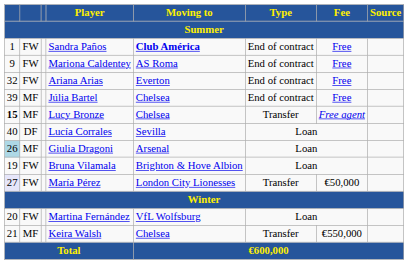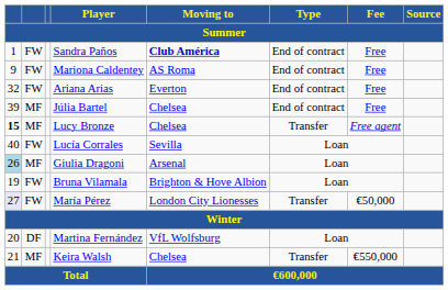 <table class="wikitable plainrowheaders sortable" style="text-align:center">
 <tr>
 <th style="background:#26559B; color:#FFF000; "></th>
 <th style="background:#26559B; color:#FFF000; "></th>
 <th style="background:#26559B; color:#FFF000; "></th>
 <th style="background:#26559B; color:#FFF000; ">Player</th>
 <th style="background:#26559B; color:#FFF000; ">Moving to</th>
 <th style="background:#26559B; color:#FFF000; ">Type</th>
 <th style="background:#26559B; color:#FFF000; ">Fee</th>
 <th style="background:#26559B; color:#FFF000; ">Source</th>
 </tr>
 <tr>
 <th colspan=8 style="background:#26559B; color:#FFF000; ">Summer</th>
 </tr>
 <tr>
 <td>1</td>
 <td>FW</td>
 <td></td>
 <td align=left><a href='#'>Sandra Paños</a></td>
 <td align="left"><strong> <a href='#'>Club América</a></strong></td>
 <td>End of contract</td>
 <td><a href='#'>Free</a></td>
 <td></td>
 </tr>
 <tr>
 <td>9</td>
 <td>FW</td>
 <td></td>
 <td align="left"><a href='#'>Mariona Caldentey</a></td>
 <td align="left"> <a href='#'>AS Roma</a></td>
 <td>End of contract</td>
 <td><a href='#'>Free</a></td>
 <td></td>
 </tr>
 <tr>
 <td>32</td>
 <td>FW</td>
 <td></td>
 <td align="left"><a href='#'>Ariana Arias</a></td>
 <td align="left"> <a href='#'>Everton</a></td>
 <td>End of contract</td>
 <td><a href='#'>Free</a></td>
 <td></td>
 </tr>
 <tr>
 <td>39</td>
 <td>MF</td>
 <td></td>
 <td align="left"><a href='#'>Júlia Bartel</a></td>
 <td align="left"> <a href='#'>Chelsea</a></td>
 <td>End of contract</td>
 <td><a href='#'>Free</a></td>
 <td></td>
 </tr>
 <tr>
 <td><strong>15</strong></td>
 <td>MF</td>
 <td></td>
 <td align="left"><a href='#'>Lucy Bronze</a></td>
 <td align="left"> <a href='#'>Chelsea</a></td>
 <td>Transfer</td>
 <td><em><a href='#'>Free agent</a></em></td>
 <td></td>
 </tr>
 <tr>
 <td>40</td>
-<td>DF</td>
+<td>FW</td>
 <td></td>
 <td align="left"><a href='#'>Lucía Corrales</a></td>
 <td align="left"><a href='#'>Sevilla</a></td>
 <td colspan="2">Loan</td>
 <td></td>
 </tr>
 <tr>
 <td style="background: lightblue;">26</td>
 <td>MF</td>
 <td></td>
 <td align="left"><a href='#'>Giulia Dragoni</a></td>
 <td align="left"> <a href='#'>Arsenal</a></td>
 <td colspan="2">Loan</td>
 <td></td>
 </tr>
 <tr>
 <td>19</td>
 <td>FW</td>
 <td></td>
 <td align="left"><a href='#'>Bruna Vilamala</a></td>
 <td align="left"> <a href='#'>Brighton & Hove Albion</a></td>
 <td colspan="2">Loan</td>
 <td></td>
 </tr>
 <tr>
 <td style="background: lavender;">27</td>
 <td>FW</td>
 <td></td>
 <td align="left"><a href='#'>María Pérez</a></td>
 <td align="left"> <a href='#'>London City Lionesses</a></td>
 <td>Transfer</td>
 <td>€50,000</td>
 <td></td>
 </tr>
 <tr>
 <th colspan=8 style="background:#26559B; color:#FFF000; ">Winter</th>
 </tr>
 <tr>
 <td>20</td>
-<td>FW</td>
+<td>DF</td>
 <td></td>
 <td align="left"><a href='#'>Martina Fernández</a></td>
 <td align="left"> <a href='#'>VfL Wolfsburg</a></td>
 <td colspan="2">Loan</td>
 <td></td>
 </tr>
 <tr>
 <td>21</td>
 <td>MF</td>
 <td></td>
 <td align="left"><a href='#'>Keira Walsh</a></td>
 <td align="left"> <a href='#'>Chelsea</a></td>
 <td>Transfer</td>
 <td>€550,000</td>
 <td></td>
 </tr>
 <tr>
 <th colspan="4" style="background:#26559B; color:#FFF000; ">Total</th>
 <th colspan="4" style="background:#26559B; color:#FFF000; ">€600,000</th>
 </tr>
 </table>
